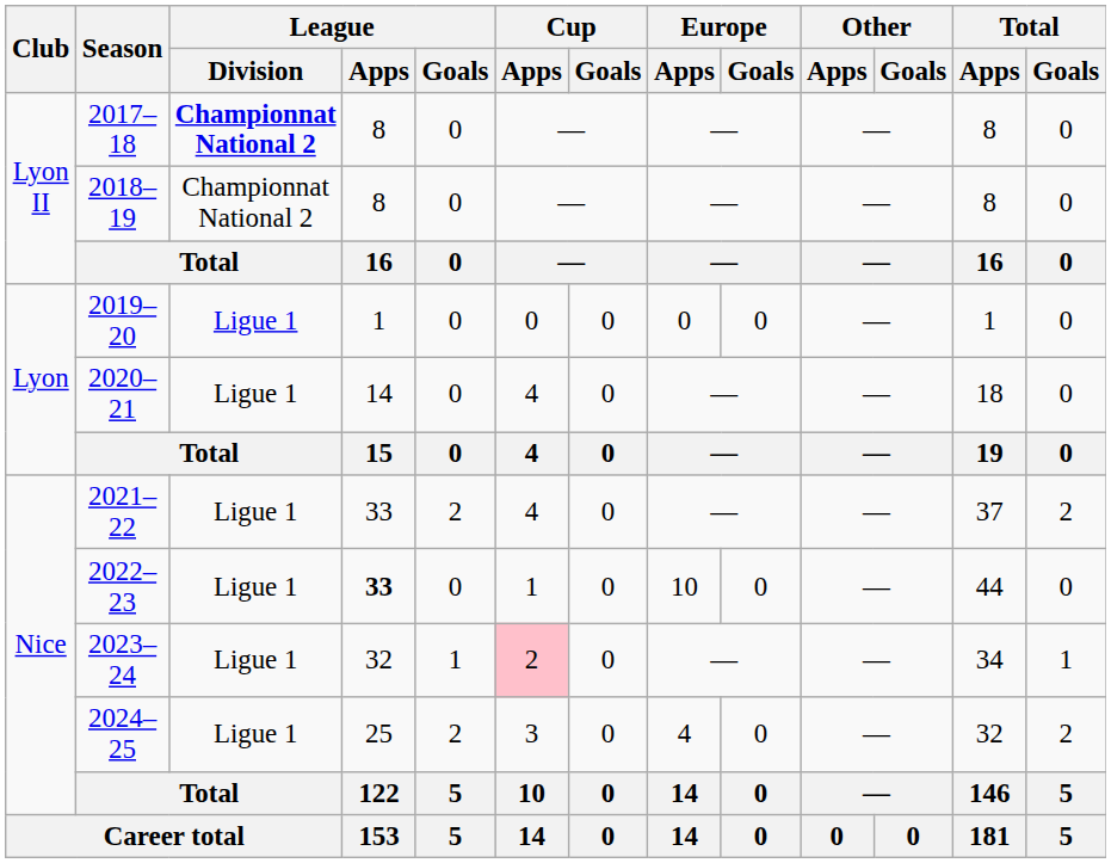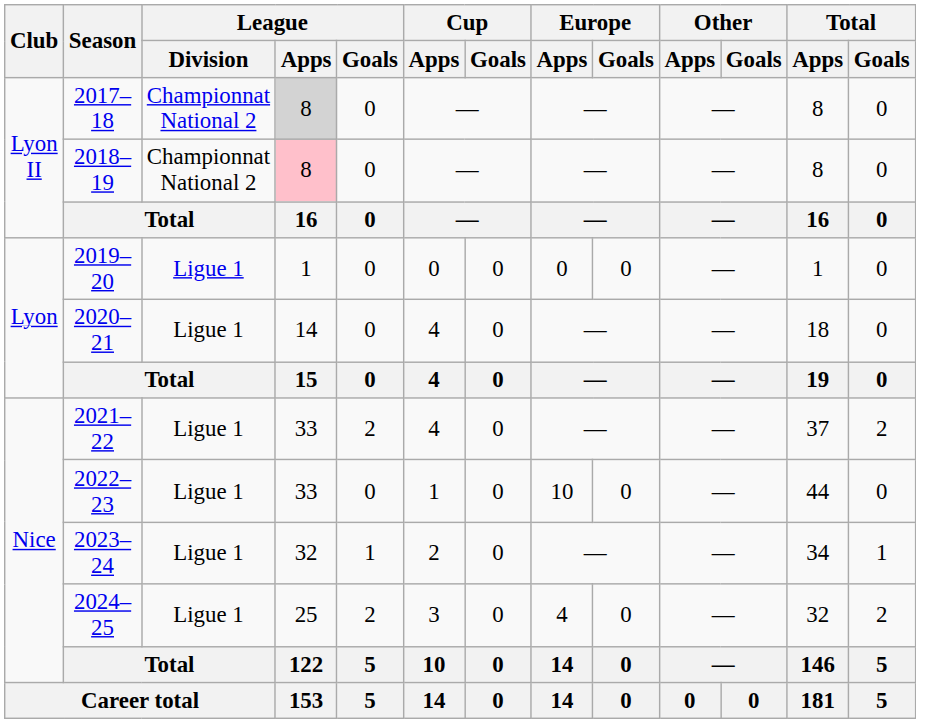 <table class="wikitable" style="text-align: center;">
 <tr>
 <th rowspan="2">Club</th>
 <th rowspan="2">Season</th>
 <th colspan="3">League</th>
 <th colspan="2">Cup</th>
 <th colspan="2">Europe</th>
 <th colspan="2">Other</th>
 <th colspan="2">Total</th>
 </tr>
 <tr>
 <th>Division</th>
 <th>Apps</th>
 <th>Goals</th>
 <th>Apps</th>
 <th>Goals</th>
 <th>Apps</th>
 <th>Goals</th>
 <th>Apps</th>
 <th>Goals</th>
 <th>Apps</th>
 <th>Goals</th>
 </tr>
 <tr>
 <td rowspan="3"><a href='#'>Lyon II</a></td>
 <td><a href='#'>2017–18</a></td>
-<td><strong><a href='#'>Championnat National 2</a></strong></td>
-<td>8</td>
+<td><a href='#'>Championnat National 2</a></td>
+<td style="background: lightgrey;">8</td>
 <td>0</td>
 <td colspan="2">—</td>
 <td colspan="2">—</td>
 <td colspan="2">—</td>
 <td>8</td>
 <td>0</td>
 </tr>
 <tr>
 <td><a href='#'>2018–19</a></td>
 <td>Championnat National 2</td>
-<td>8</td>
+<td style="background: pink;">8</td>
 <td>0</td>
 <td colspan="2">—</td>
 <td colspan="2">—</td>
 <td colspan="2">—</td>
 <td>8</td>
 <td>0</td>
 </tr>
 <tr>
 <th colspan="2">Total</th>
 <th>16</th>
 <th>0</th>
 <th colspan="2">—</th>
 <th colspan="2">—</th>
 <th colspan="2">—</th>
 <th>16</th>
 <th>0</th>
 </tr>
 <tr>
 <td rowspan="3"><a href='#'>Lyon</a></td>
 <td><a href='#'>2019–20</a></td>
 <td><a href='#'>Ligue 1</a></td>
 <td>1</td>
 <td>0</td>
 <td>0</td>
 <td>0</td>
 <td>0</td>
 <td>0</td>
 <td colspan="2">—</td>
 <td>1</td>
 <td>0</td>
 </tr>
 <tr>
 <td><a href='#'>2020–21</a></td>
 <td>Ligue 1</td>
 <td>14</td>
 <td>0</td>
 <td>4</td>
 <td>0</td>
 <td colspan="2">—</td>
 <td colspan="2">—</td>
 <td>18</td>
 <td>0</td>
 </tr>
 <tr>
 <th colspan="2">Total</th>
 <th>15</th>
 <th>0</th>
 <th>4</th>
 <th>0</th>
 <th colspan="2">—</th>
 <th colspan="2">—</th>
 <th>19</th>
 <th>0</th>
 </tr>
 <tr>
 <td rowspan="5"><a href='#'>Nice</a></td>
 <td><a href='#'>2021–22</a></td>
 <td>Ligue 1</td>
 <td>33</td>
 <td>2</td>
 <td>4</td>
 <td>0</td>
 <td colspan="2">—</td>
 <td colspan="2">—</td>
 <td>37</td>
 <td>2</td>
 </tr>
 <tr>
 <td><a href='#'>2022–23</a></td>
 <td>Ligue 1</td>
-<td><strong>33</strong></td>
+<td>33</td>
 <td>0</td>
 <td>1</td>
 <td>0</td>
 <td>10</td>
 <td>0</td>
 <td colspan="2">—</td>
 <td>44</td>
 <td>0</td>
 </tr>
 <tr>
 <td><a href='#'>2023–24</a></td>
 <td>Ligue 1</td>
 <td>32</td>
 <td>1</td>
-<td style="background: pink;">2</td>
+<td>2</td>
 <td>0</td>
 <td colspan="2">—</td>
 <td colspan="2">—</td>
 <td>34</td>
 <td>1</td>
 </tr>
 <tr>
 <td><a href='#'>2024–25</a></td>
 <td>Ligue 1</td>
 <td>25</td>
 <td>2</td>
 <td>3</td>
 <td>0</td>
 <td>4</td>
 <td>0</td>
 <td colspan="2">—</td>
 <td>32</td>
 <td>2</td>
 </tr>
 <tr>
 <th colspan="2">Total</th>
 <th>122</th>
 <th>5</th>
 <th>10</th>
 <th>0</th>
 <th>14</th>
 <th>0</th>
 <th colspan="2">—</th>
 <th>146</th>
 <th>5</th>
 </tr>
 <tr>
 <th colspan="3">Career total</th>
 <th>153</th>
 <th>5</th>
 <th>14</th>
 <th>0</th>
 <th>14</th>
 <th>0</th>
 <th>0</th>
 <th>0</th>
 <th>181</th>
 <th>5</th>
 </tr>
 </table>
